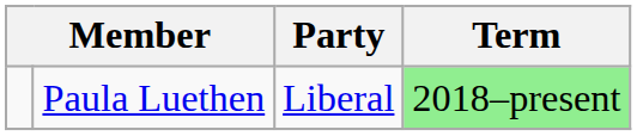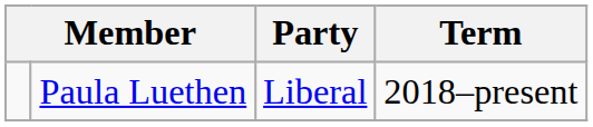 <table class="wikitable">
 <tr>
 <th colspan="2">Member</th>
 <th>Party</th>
 <th>Term</th>
 </tr>
 <tr>
 <td> </td>
 <td><a href='#'>Paula Luethen</a></td>
 <td><a href='#'>Liberal</a></td>
-<td style="background: lightgreen;">2018–present</td>
+<td>2018–present</td>
 </tr>
 <tr>
 </tr>
 </table>
